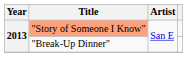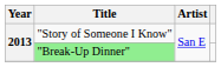 <table class="wikitable plainrowheaders">
 <tr>
 <th scope="col">Year</th>
 <th scope="col">Title</th>
 <th scope="col">Artist</th>
 <th scope="col" class="unsortable"></th>
 </tr>
 <tr>
 <th scope="row" rowspan="2">2013</th>
-<td style="background: lightsalmon;">"Story of Someone I Know"</td>
+<td>"Story of Someone I Know"</td>
 <td rowspan="2"><a href='#'>San E</a></td>
 <td></td>
 </tr>
 <tr>
-<td>"Break-Up Dinner"</td>
+<td style="background: lightgreen;">"Break-Up Dinner"</td>
 <td></td>
 </tr>
 <tr>
 </tr>
 </table>
